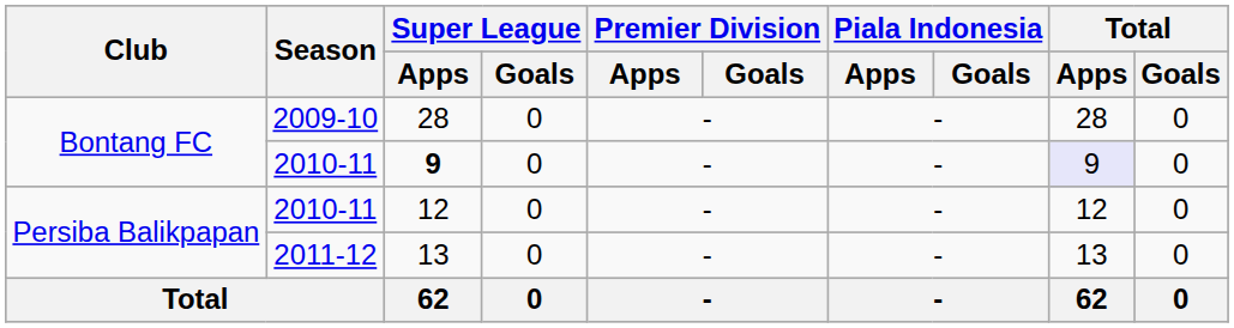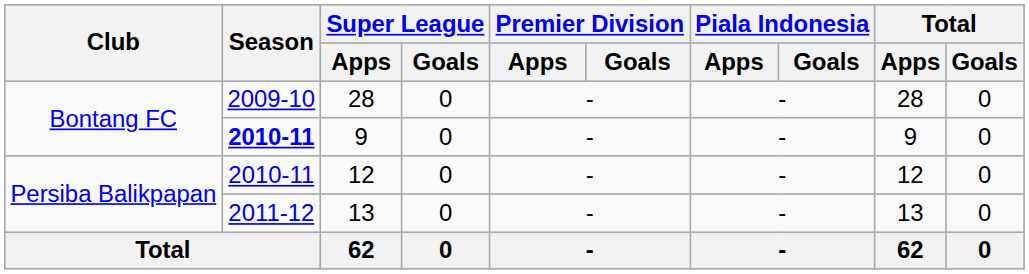 <table class="wikitable" style="font-size:90%; text-align:center;">
 <tr>
 <th rowspan="2">Club</th>
 <th rowspan="2">Season</th>
 <th colspan="2"><a href='#'>Super League</a></th>
 <th colspan="2"><a href='#'>Premier Division</a></th>
 <th colspan="2"><a href='#'>Piala Indonesia</a></th>
 <th colspan="2">Total</th>
 </tr>
 <tr>
 <th>Apps</th>
 <th>Goals</th>
 <th>Apps</th>
 <th>Goals</th>
 <th>Apps</th>
 <th>Goals</th>
 <th>Apps</th>
 <th>Goals</th>
 </tr>
 <tr>
 <td rowspan="2"><a href='#'>Bontang FC</a></td>
 <td><a href='#'>2009-10</a></td>
 <td>28</td>
 <td>0</td>
 <td colspan="2">-</td>
 <td colspan="2">-</td>
 <td>28</td>
 <td>0</td>
 </tr>
 <tr>
-<td><a href='#'>2010-11</a></td>
-<td><strong>9</strong></td>
+<td><strong><a href='#'>2010-11</a></strong></td>
+<td>9</td>
 <td>0</td>
 <td colspan="2">-</td>
 <td colspan="2">-</td>
-<td style="background: lavender;">9</td>
+<td>9</td>
 <td>0</td>
 </tr>
 <tr>
 <td rowspan="2"><a href='#'>Persiba Balikpapan</a></td>
 <td><a href='#'>2010-11</a></td>
 <td>12</td>
 <td>0</td>
 <td colspan="2">-</td>
 <td colspan="2">-</td>
 <td>12</td>
 <td>0</td>
 </tr>
 <tr>
 <td><a href='#'>2011-12</a></td>
 <td>13</td>
 <td>0</td>
 <td colspan="2">-</td>
 <td colspan="2">-</td>
 <td>13</td>
 <td>0</td>
 </tr>
 <tr>
 <th colspan="2">Total</th>
 <th>62</th>
 <th>0</th>
 <th colspan="2">-</th>
 <th colspan="2">-</th>
 <th>62</th>
 <th>0</th>
 </tr>
 </table>
